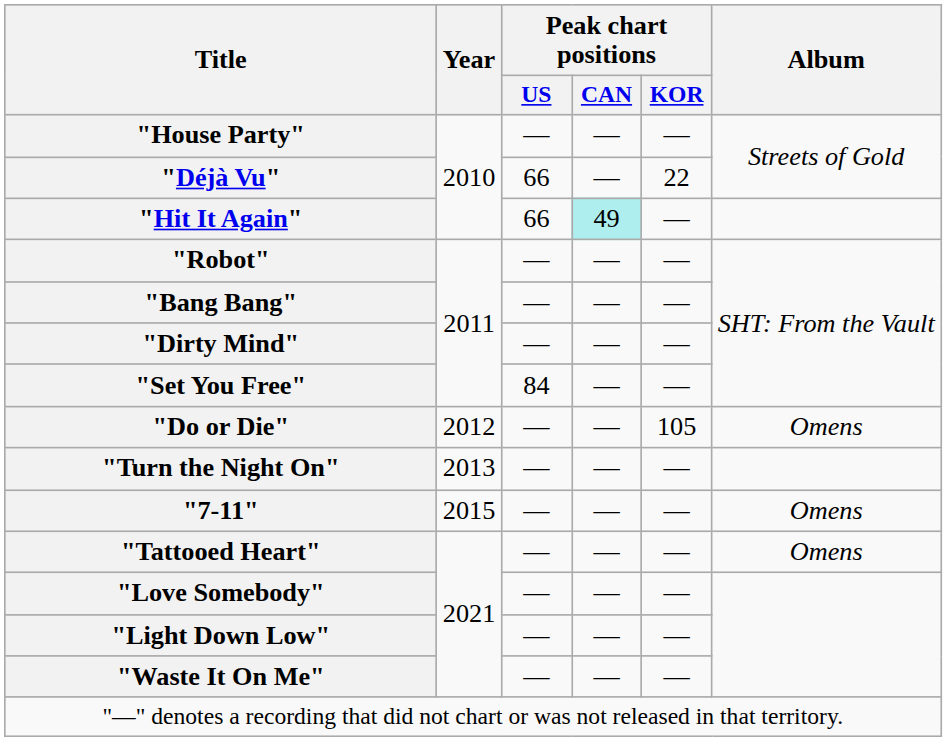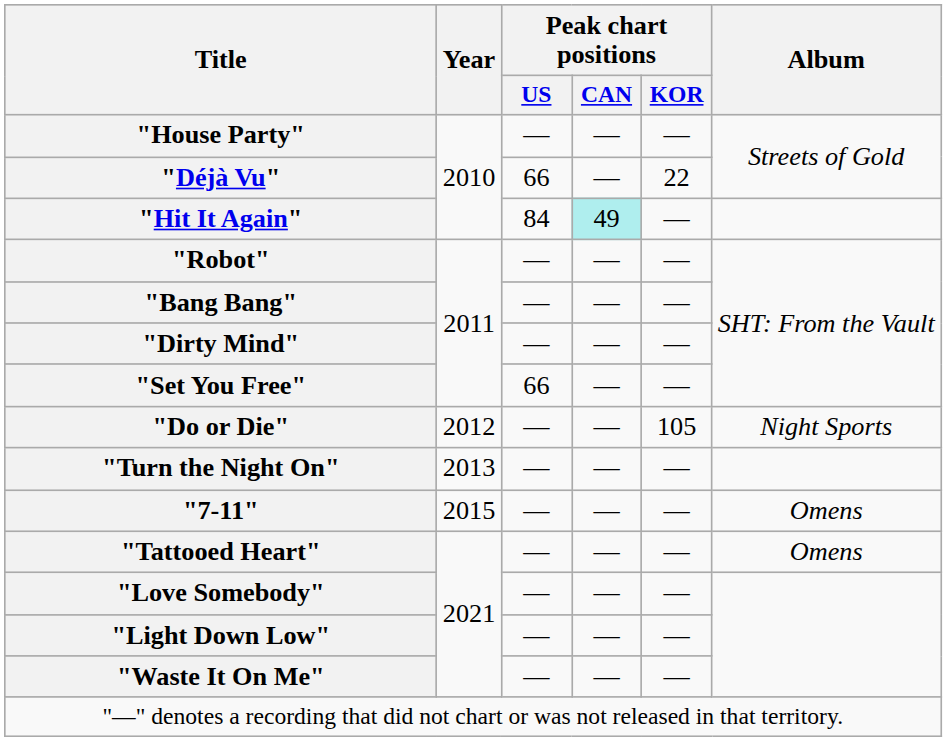 <table class="wikitable plainrowheaders" style="text-align:center;" border="1">
 <tr>
 <th scope="col" rowspan="2" style="width:16em;">Title</th>
 <th scope="col" rowspan="2">Year</th>
 <th scope="col" colspan="3">Peak chart<br>positions</th>
 <th scope="col" rowspan="2">Album</th>
 </tr>
 <tr>
 <th scope="col" style="width:2.5em;font-size:90%;"><a href='#'>US</a><br></th>
 <th scope="col" style="width:2.5em;font-size:90%;"><a href='#'>CAN</a><br></th>
 <th scope="col" style="width:2.5em;font-size:90%;"><a href='#'>KOR</a><br></th>
 </tr>
 <tr>
 <th scope="row">"House Party"</th>
 <td rowspan="3">2010</td>
 <td>—</td>
 <td>—</td>
 <td>—</td>
 <td rowspan="2"><em>Streets of Gold</em></td>
 </tr>
 <tr>
 <th scope="row">"<a href='#'>Déjà Vu</a>"</th>
 <td>66</td>
 <td>—</td>
 <td>22</td>
 </tr>
 <tr>
 <th scope="row">"<a href='#'>Hit It Again</a>"</th>
-<td>66</td>
+<td>84</td>
 <td style="background: paleturquoise;">49</td>
 <td>—</td>
 <td></td>
 </tr>
 <tr>
 <th scope="row">"Robot"</th>
 <td rowspan="4">2011</td>
 <td>—</td>
 <td>—</td>
 <td>—</td>
 <td rowspan="4"><em>SHT: From the Vault</em></td>
 </tr>
 <tr>
 <th scope="row">"Bang Bang"</th>
 <td>—</td>
 <td>—</td>
 <td>—</td>
 </tr>
 <tr>
 <th scope="row">"Dirty Mind"</th>
 <td>—</td>
 <td>—</td>
 <td>—</td>
 </tr>
 <tr>
 <th scope="row">"Set You Free"</th>
-<td>84</td>
+<td>66</td>
 <td>—</td>
 <td>—</td>
 </tr>
 <tr>
 <th scope="row">"Do or Die"</th>
 <td>2012</td>
 <td>—</td>
 <td>—</td>
 <td>105</td>
-<td><em>Omens</em></td>
+<td><em>Night Sports</em></td>
 </tr>
 <tr>
 <th scope="row">"Turn the Night On"</th>
 <td>2013</td>
 <td>—</td>
 <td>—</td>
 <td>—</td>
 <td></td>
 </tr>
 <tr>
 <th scope="row">"7-11"</th>
 <td>2015</td>
 <td>—</td>
 <td>—</td>
 <td>—</td>
 <td><em>Omens</em></td>
 </tr>
 <tr>
 <th scope="row">"Tattooed Heart"</th>
 <td rowspan="4">2021</td>
 <td>—</td>
 <td>—</td>
 <td>—</td>
 <td><em>Omens</em></td>
 </tr>
 <tr>
 <th scope="row">"Love Somebody"</th>
 <td>—</td>
 <td>—</td>
 <td>—</td>
 </tr>
 <tr>
 <th scope="row">"Light Down Low"</th>
 <td>—</td>
 <td>—</td>
 <td>—</td>
 </tr>
 <tr>
 <th scope="row">"Waste It On Me"</th>
 <td>—</td>
 <td>—</td>
 <td>—</td>
 </tr>
 <tr>
 <td colspan="8" style="font-size:90%">"—" denotes a recording that did not chart or was not released in that territory.</td>
 </tr>
 </table>
